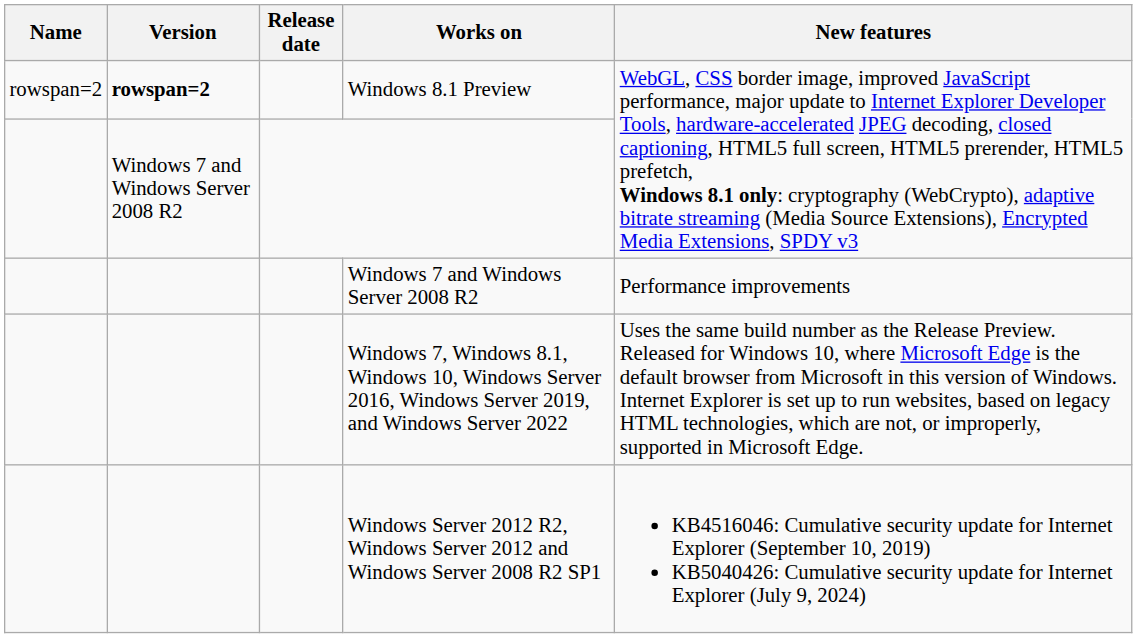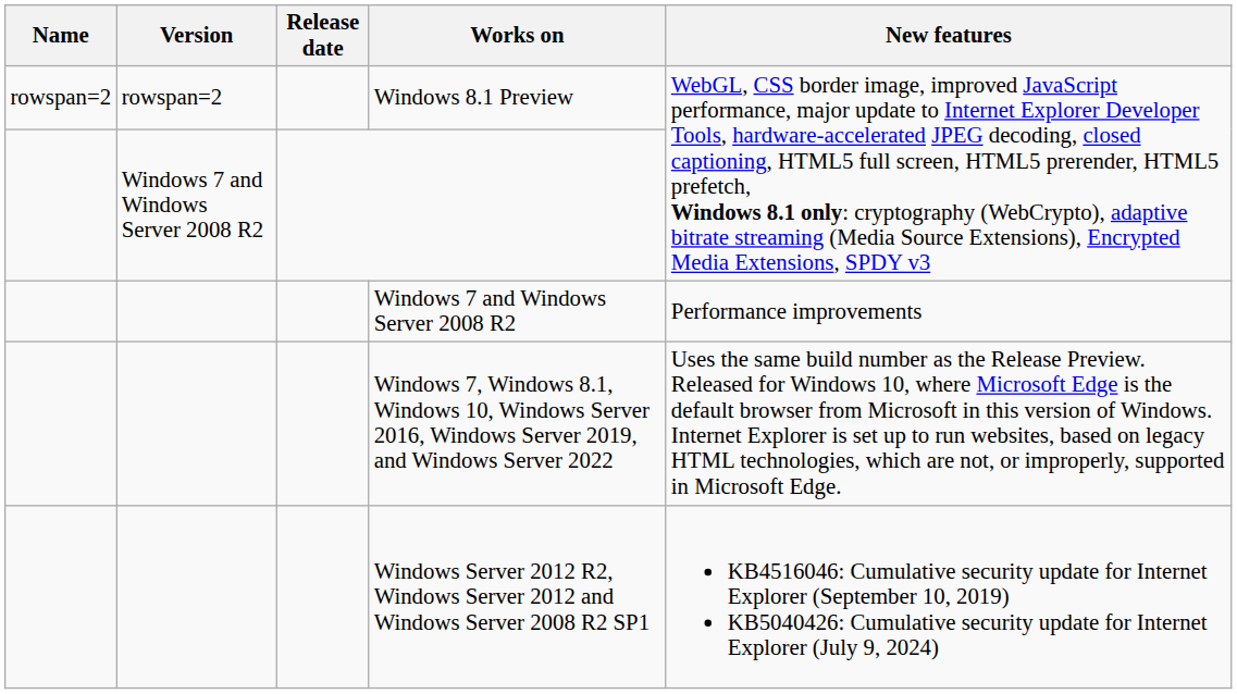 <table class="wikitable">
 <tr>
 <th>Name</th>
 <th>Version</th>
 <th>Release date</th>
 <th>Works on</th>
 <th>New features</th>
 </tr>
 <tr>
 <td>rowspan=2 </td>
-<td><strong>rowspan=2 </strong></td>
+<td>rowspan=2 </td>
 <td></td>
 <td>Windows 8.1 Preview</td>
 <td rowspan="2"><a href='#'>WebGL</a>, <a href='#'>CSS</a> border image, improved <a href='#'>JavaScript</a> performance, major update to <a href='#'>Internet Explorer Developer Tools</a>, <a href='#'>hardware-accelerated</a> <a href='#'>JPEG</a> decoding, <a href='#'>closed captioning</a>, HTML5 full screen, HTML5 prerender, HTML5 prefetch,<br><strong>Windows 8.1 only</strong>: cryptography (WebCrypto), <a href='#'>adaptive bitrate streaming</a> (Media Source Extensions), <a href='#'>Encrypted Media Extensions</a>, <a href='#'>SPDY v3</a></td>
 </tr>
 <tr>
 <td></td>
 <td>Windows 7 and Windows Server 2008 R2</td>
 </tr>
 <tr>
 <td></td>
 <td></td>
 <td></td>
 <td>Windows 7 and Windows Server 2008 R2</td>
 <td>Performance improvements</td>
 </tr>
 <tr>
 <td></td>
 <td></td>
 <td></td>
 <td>Windows 7, Windows 8.1, Windows 10, Windows Server 2016, Windows Server 2019, and Windows Server 2022</td>
 <td>Uses the same build number as the Release Preview.<br>Released for Windows 10, where <a href='#'>Microsoft Edge</a> is the default browser from Microsoft in this version of Windows. Internet Explorer is set up to run websites, based on legacy HTML technologies, which are not, or improperly, supported in Microsoft Edge.</td>
 </tr>
 <tr>
 <td></td>
 <td></td>
 <td></td>
 <td>Windows Server 2012 R2, Windows Server 2012 and Windows Server 2008 R2 SP1</td>
 <td><br><ul><li>KB4516046: Cumulative security update for Internet Explorer (September 10, 2019)</li><li>KB5040426: Cumulative security update for Internet Explorer (July 9, 2024)</li></ul></td>
 </tr>
 </table>
